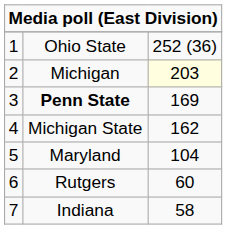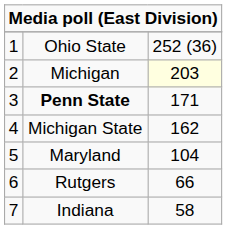 <table class="wikitable" style="display: inline-table;">
 <tr>
 <td align="center" Colspan="3"><strong>Media poll (East Division)</strong></td>
 </tr>
 <tr align="center">
 </tr>
 <tr align="center">
 <td>1</td>
 <td>Ohio State</td>
 <td>252 (36)</td>
 </tr>
 <tr align="center">
 <td>2</td>
 <td>Michigan</td>
 <td style="background: lightyellow;">203</td>
 </tr>
 <tr align="center">
 <td>3</td>
 <td><strong>Penn State</strong></td>
-<td>169</td>
+<td>171</td>
 </tr>
 <tr align="center">
 <td>4</td>
 <td>Michigan State</td>
 <td>162</td>
 </tr>
 <tr align="center">
 <td>5</td>
 <td>Maryland</td>
 <td>104</td>
 </tr>
 <tr align="center">
 <td>6</td>
 <td>Rutgers</td>
-<td>60</td>
+<td>66</td>
 </tr>
 <tr align="center">
 <td>7</td>
 <td>Indiana</td>
 <td>58</td>
 </tr>
 </table>
